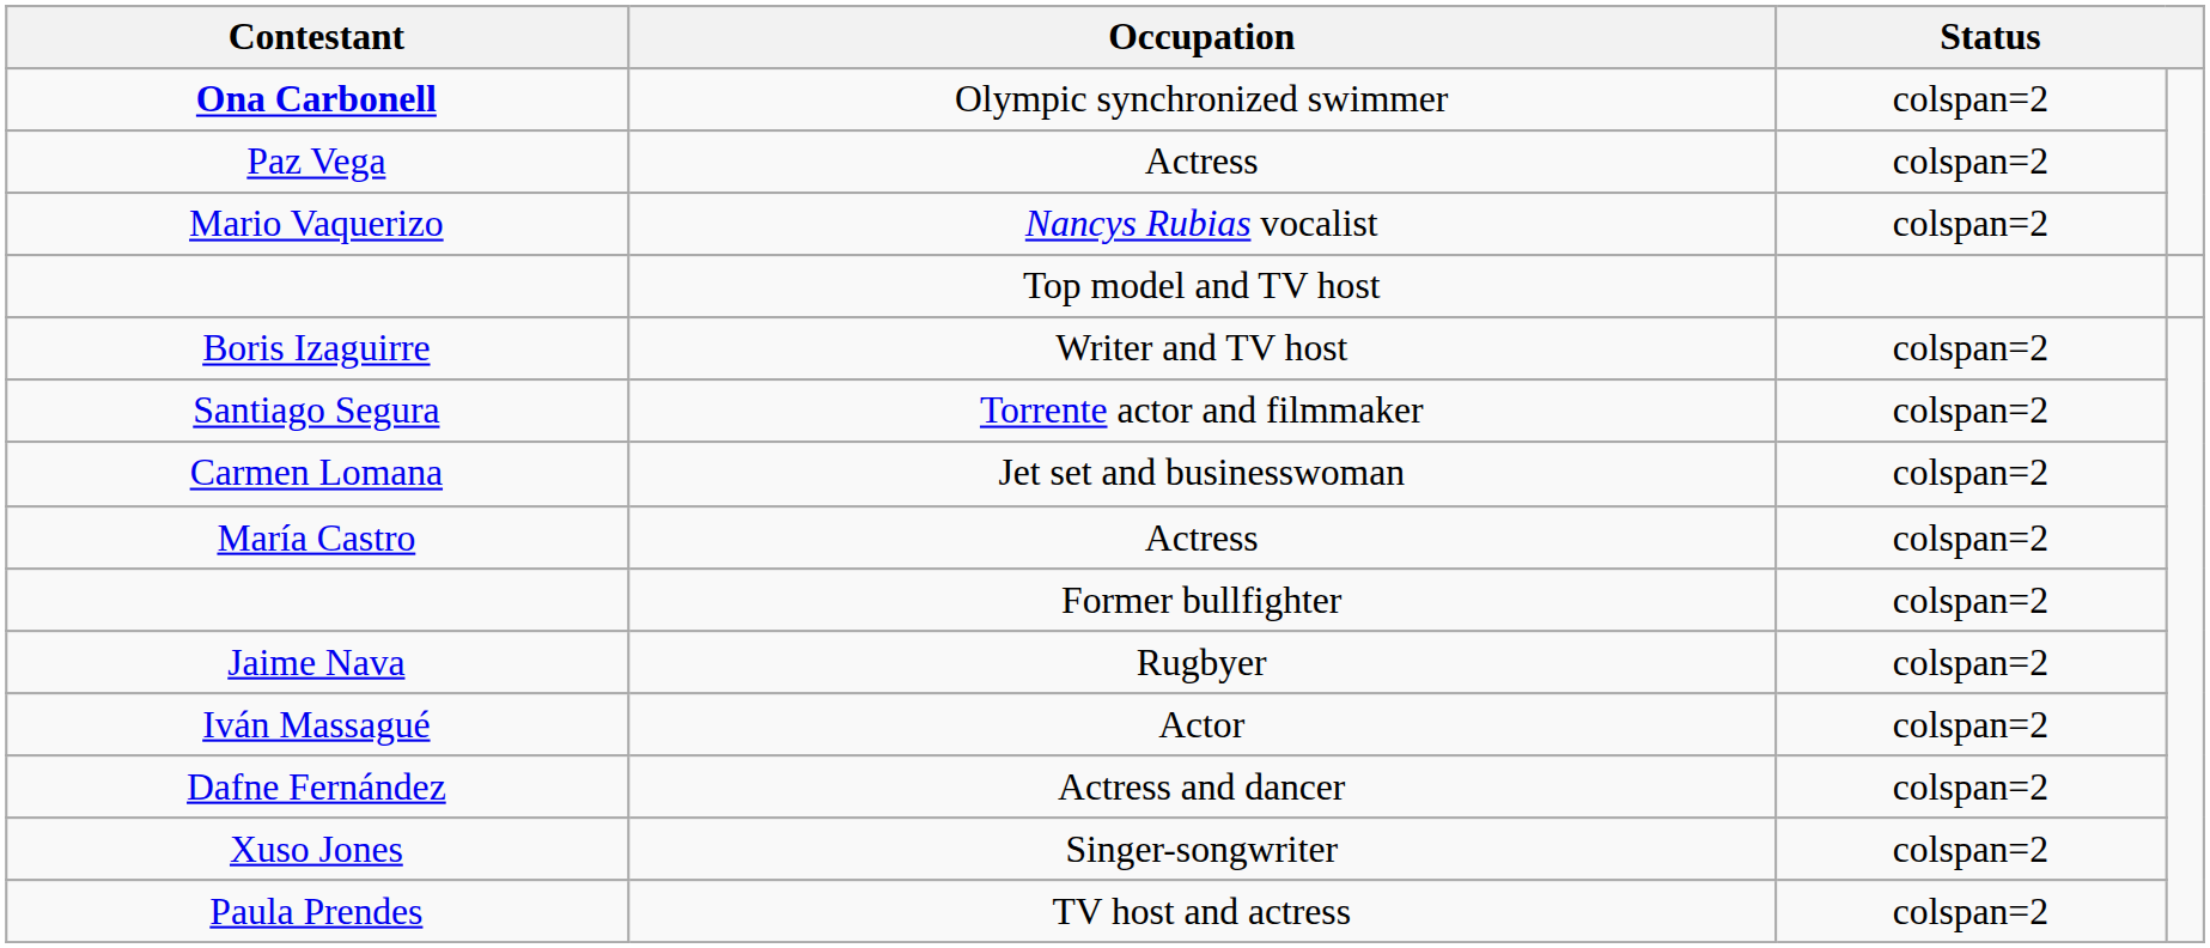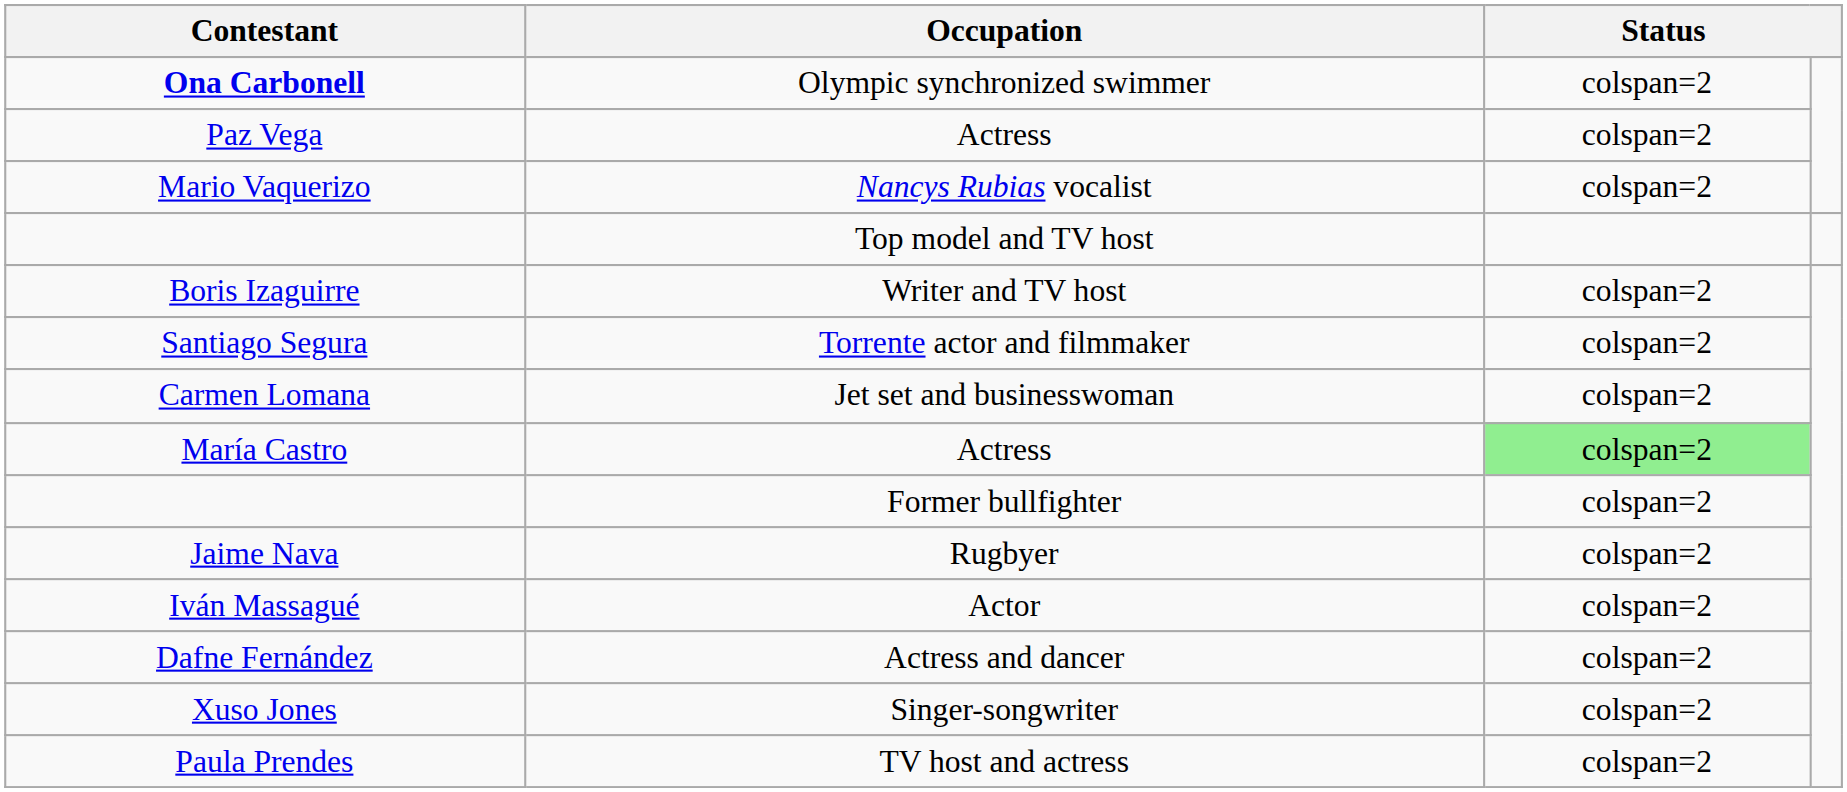 <table class="wikitable" style="margin:auto; text-align:center; width:70%; font-size:95%">
 <tr>
 <th>Contestant</th>
 <th>Occupation</th>
 <th colspan=2>Status</th>
 </tr>
 <tr>
 <td><strong><a href='#'>Ona Carbonell</a></strong></td>
 <td>Olympic synchronized swimmer</td>
 <td>colspan=2 </td>
 </tr>
 <tr>
 <td><a href='#'>Paz Vega</a></td>
 <td>Actress</td>
 <td>colspan=2 </td>
 </tr>
 <tr>
 <td><a href='#'>Mario Vaquerizo</a></td>
 <td><em><a href='#'>Nancys Rubias</a></em> vocalist</td>
 <td>colspan=2 </td>
 </tr>
 <tr>
 <td></td>
 <td>Top model and TV host</td>
 <td></td>
 <td></td>
 </tr>
 <tr>
 <td><a href='#'>Boris Izaguirre</a></td>
 <td>Writer and TV host</td>
 <td>colspan=2 </td>
 </tr>
 <tr>
 <td><a href='#'>Santiago Segura</a></td>
 <td><a href='#'>Torrente</a> actor and filmmaker</td>
 <td>colspan=2 </td>
 </tr>
 <tr>
 <td><a href='#'>Carmen Lomana</a></td>
 <td>Jet set and businesswoman</td>
 <td>colspan=2 </td>
 </tr>
 <tr>
 <td><a href='#'>María Castro</a></td>
 <td>Actress</td>
-<td>colspan=2 </td>
+<td style="background: lightgreen;">colspan=2 </td>
 </tr>
 <tr>
 <td></td>
 <td>Former bullfighter</td>
 <td>colspan=2 </td>
 </tr>
 <tr>
 <td><a href='#'>Jaime Nava</a></td>
 <td>Rugbyer</td>
 <td>colspan=2 </td>
 </tr>
 <tr>
 <td><a href='#'>Iván Massagué</a></td>
 <td>Actor</td>
 <td>colspan=2 </td>
 </tr>
 <tr>
 <td><a href='#'>Dafne Fernández</a></td>
 <td>Actress and dancer</td>
 <td>colspan=2 </td>
 </tr>
 <tr>
 <td><a href='#'>Xuso Jones</a></td>
 <td>Singer-songwriter</td>
 <td>colspan=2 </td>
 </tr>
 <tr>
 <td><a href='#'>Paula Prendes</a></td>
 <td>TV host and actress</td>
 <td>colspan=2 </td>
 </tr>
 </table>
